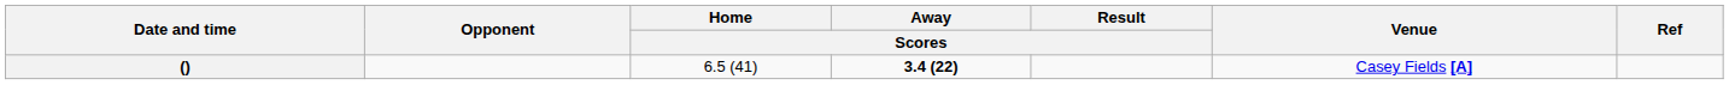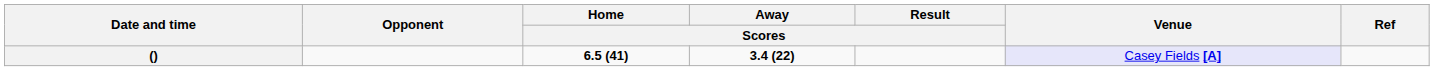 <table class="wikitable plainrowheaders" style="font-size:90%; width:100%; text-align:center;">
 <tr>
 <th scope="col" rowspan="2">Date and time</th>
 <th scope="col" rowspan="2">Opponent</th>
 <th scope="col">Home</th>
 <th scope="col">Away</th>
 <th scope="col">Result</th>
 <th scope="col" rowspan="2">Venue</th>
 <th scope="col" class="unsortable" rowspan=2>Ref</th>
 </tr>
 <tr>
 <th scope="col" colspan="3">Scores</th>
 </tr>
 <tr>
 <th scope="row"> ()</th>
 <td align=left></td>
-<td>6.5 (41)</td>
+<td><strong>6.5 (41)</strong></td>
 <td><strong>3.4 (22)</strong></td>
 <td></td>
-<td><a href='#'>Casey Fields</a> <a href='#'><strong>[A]</strong></a></td>
+<td style="background: lavender;"><a href='#'>Casey Fields</a> <a href='#'><strong>[A]</strong></a></td>
 <td></td>
 </tr>
 </table>
